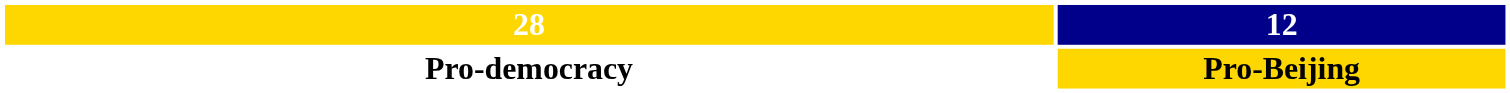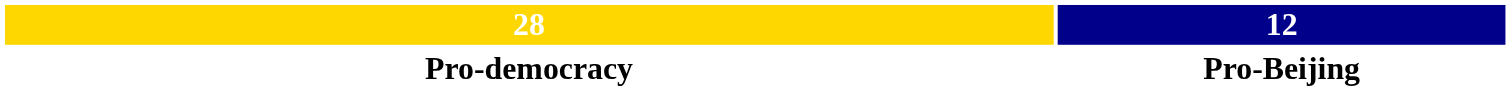 <table style="width:60%; text-align:center;">
 <tr style="color:white;">
 <td style="background:gold; width:70%;"><strong>28</strong></td>
 <td style="background:darkblue; width:30%;"><strong>12</strong></td>
 </tr>
 <tr>
 <td><span><strong>Pro-democracy</strong></span></td>
-<td style="background: gold;"><span><strong>Pro-Beijing</strong></span></td>
+<td><span><strong>Pro-Beijing</strong></span></td>
 </tr>
 </table>
